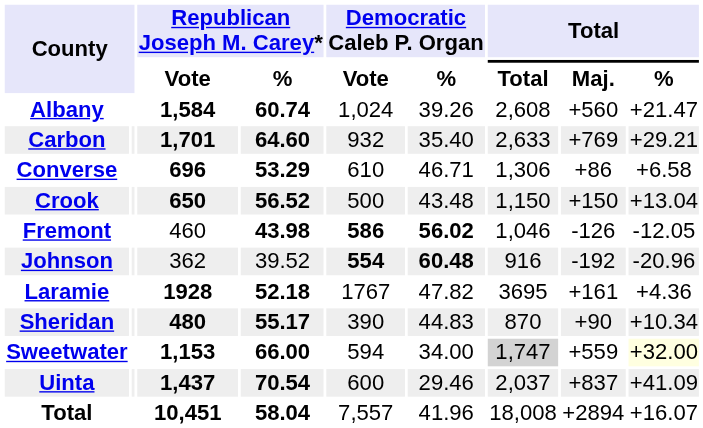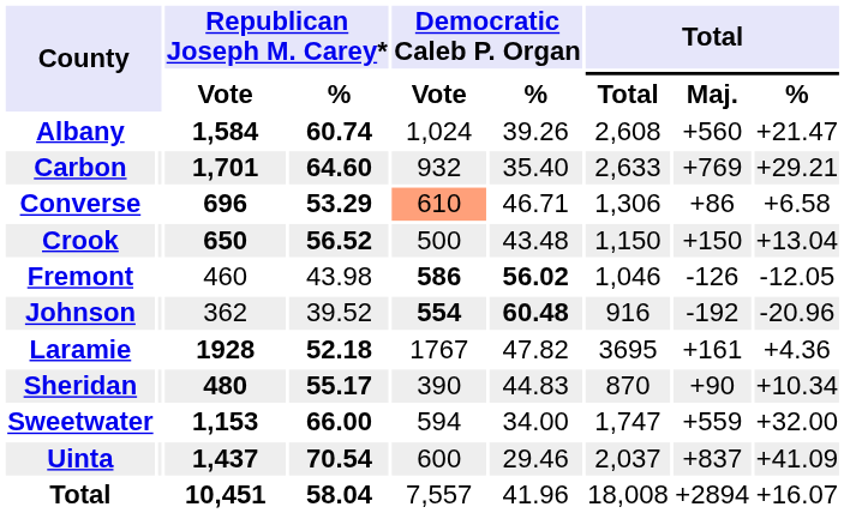 <table class="toccolours sortable" style="text-align:center;">
 <tr style="background:lavender">
 <th rowspan="3" colspan="2">County</th>
 <th colspan=2><a href='#'>Republican</a><br><a href='#'>Joseph M. Carey</a>*</th>
 <th colspan=2><a href='#'>Democratic</a><br>Caleb P. Organ</th>
 <th colspan=3>Total</th>
 </tr>
 <tr>
 <th colspan=2 style="background-color:"></th>
 <th colspan=2 style="background-color:"></th>
 <th colspan=3 style="background-color:#000000"></th>
 </tr>
 <tr>
 <th align="center">Vote</th>
 <th align="center">%</th>
 <th align="center">Vote</th>
 <th align="center">%</th>
 <th align="center">Total</th>
 <th align="center">Maj.</th>
 <th align="center">%</th>
 </tr>
 <tr>
 <th><a href='#'>Albany</a></th>
 <td style="background-color:"></td>
 <td><strong>1,584</strong></td>
 <td><strong>60.74	</strong></td>
 <td>1,024</td>
 <td>39.26</td>
 <td>2,608</td>
 <td>+560</td>
 <td>+21.47</td>
 </tr>
 <tr style="background:#EEEEEE;">
 <th><a href='#'>Carbon</a></th>
 <td style="background-color:"></td>
 <td><strong>1,701</strong></td>
 <td><strong>64.60</strong></td>
 <td>932</td>
 <td>35.40</td>
 <td>2,633</td>
 <td>+769</td>
 <td>+29.21</td>
 </tr>
 <tr>
 <th><a href='#'>Converse</a></th>
 <td style="background-color:"></td>
 <td><strong>696</strong></td>
 <td><strong>53.29	</strong></td>
-<td>610</td>
+<td style="background: lightsalmon;">610</td>
 <td>46.71</td>
 <td>1,306</td>
 <td>+86</td>
 <td>+6.58</td>
 </tr>
 <tr style="background:#EEEEEE;">
 <th><a href='#'>Crook</a></th>
 <td style="background-color:"></td>
 <td><strong>650</strong></td>
 <td><strong>56.52</strong></td>
 <td>500</td>
 <td>43.48</td>
 <td>1,150</td>
 <td>+150</td>
 <td>+13.04</td>
 </tr>
 <tr>
 <th><a href='#'>Fremont</a></th>
 <td style="background-color:"></td>
 <td>460</td>
-<td><strong>43.98</strong></td>
+<td>43.98</td>
 <td><strong>586</strong></td>
 <td><strong>56.02</strong></td>
 <td>1,046</td>
 <td>-126</td>
 <td>-12.05</td>
 </tr>
 <tr style="background:#EEEEEE;">
 <th><a href='#'>Johnson</a></th>
 <td style="background-color:"></td>
 <td>362</td>
 <td>39.52</td>
 <td><strong>554</strong></td>
 <td><strong>60.48</strong></td>
 <td>916</td>
 <td>-192</td>
 <td>-20.96</td>
 </tr>
 <tr>
 <th><a href='#'>Laramie</a></th>
 <td style="background-color:"></td>
 <td><strong>1928</strong></td>
 <td><strong>52.18</strong></td>
 <td>1767</td>
 <td>47.82</td>
 <td>3695</td>
 <td>+161</td>
 <td>+4.36</td>
 </tr>
 <tr style="background:#EEEEEE;">
 <th><a href='#'>Sheridan</a></th>
 <td style="background-color:"></td>
 <td><strong>480</strong></td>
 <td><strong>55.17</strong></td>
 <td>390</td>
 <td>44.83</td>
 <td>870</td>
 <td>+90</td>
 <td>+10.34</td>
 </tr>
 <tr>
 <th><a href='#'>Sweetwater</a></th>
 <td style="background-color:"></td>
 <td><strong>1,153</strong></td>
 <td><strong>66.00</strong></td>
 <td>594</td>
 <td>34.00</td>
-<td style="background: lightgrey;">1,747</td>
+<td>1,747</td>
 <td>+559</td>
-<td style="background: lightyellow;">+32.00</td>
+<td>+32.00</td>
 </tr>
 <tr style="background:#EEEEEE;">
 <th><a href='#'>Uinta</a></th>
 <td style="background-color:"></td>
 <td><strong>1,437</strong></td>
 <td><strong>70.54</strong></td>
 <td>600</td>
 <td>29.46</td>
 <td>2,037</td>
 <td>+837</td>
 <td>+41.09</td>
 </tr>
 <tr>
 <th>Total</th>
 <td style="background-color:"></td>
 <td><strong>10,451</strong></td>
 <td><strong>58.04</strong></td>
 <td>7,557</td>
 <td>41.96</td>
 <td>18,008</td>
 <td>+2894</td>
 <td>+16.07</td>
 </tr>
 </table>
